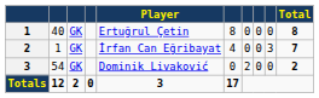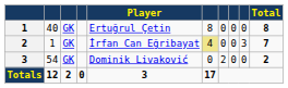 <table class="wikitable" style="text-align:center">
 <tr>
 <th style="background:#163962; color:#FFF000; "></th>
 <th style="background:#163962; color:#FFF000; "></th>
 <th style="background:#163962; color:#FFF000; "></th>
 <th style="background:#163962; color:#FFF000; "></th>
 <th style="background:#163962; color:#FFF000; ">Player</th>
 <th style="background:#163962; color:#FFF000; "></th>
 <th style="background:#163962; color:#FFF000; "></th>
 <th style="background:#163962; color:#FFF000; "></th>
 <th style="background:#163962; color:#FFF000; "></th>
 <th style="background:#163962; color:#FFF000; ">Total</th>
 </tr>
 <tr>
 <th>1</th>
 <td>40</td>
 <td><a href='#'>GK</a></td>
 <td></td>
 <td align=left><a href='#'>Ertuğrul Çetin</a></td>
 <td>8</td>
 <td>0</td>
 <td>0</td>
 <td>0</td>
 <td><strong>8</strong></td>
 </tr>
 <tr>
 <th>2</th>
 <td>1</td>
 <td><a href='#'>GK</a></td>
 <td></td>
 <td align=left><a href='#'>İrfan Can Eğribayat</a></td>
-<td>4</td>
+<td style="background: khaki;">4</td>
 <td>0</td>
 <td>0</td>
 <td>3</td>
 <td><strong>7</strong></td>
 </tr>
 <tr>
 <th>3</th>
 <td>54</td>
 <td><a href='#'>GK</a></td>
 <td></td>
 <td align=left><a href='#'>Dominik Livaković</a></td>
 <td>0</td>
 <td>2</td>
 <td>0</td>
 <td>0</td>
 <td><strong>2</strong></td>
 </tr>
 <tr>
 <td style="background:#163962; color:#FFF000; "><strong>Totals</strong></td>
 <td><strong>12</strong></td>
 <td><strong>2</strong></td>
 <td><strong>0</strong></td>
 <td><strong>3</strong></td>
 <td><strong>17</strong></td>
 </tr>
 </table>
